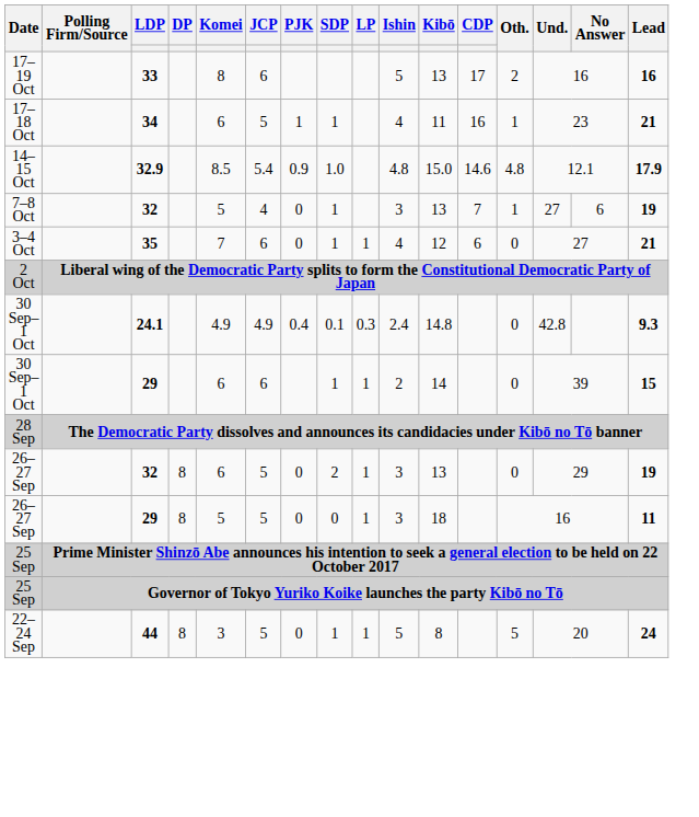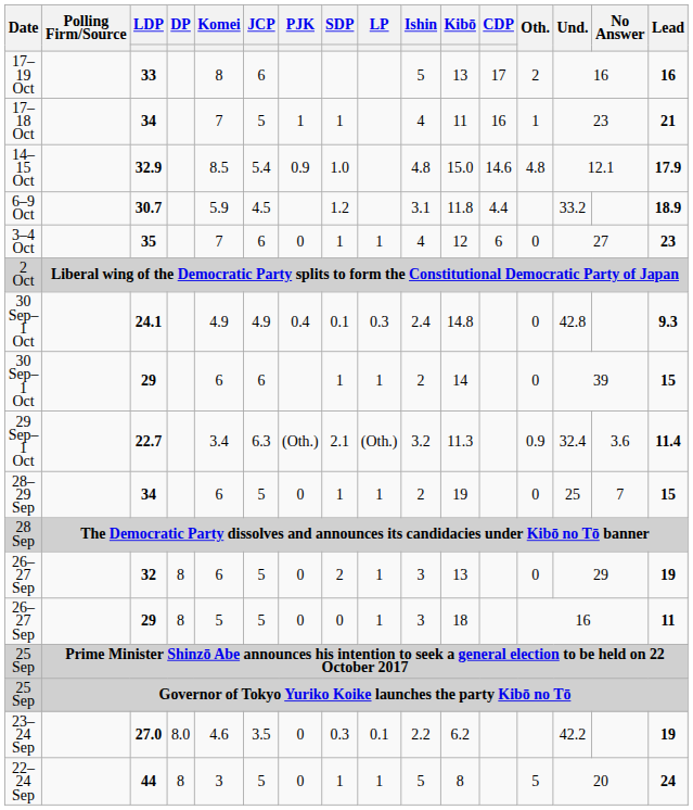 <table class="wikitable collapsible collapsed" style="text-align:center;font-size:100%;line-height:14px">
 <tr style="height:42px;">
 <th style="width:100px;" rowspan="2">Date</th>
 <th style="width:160px;" rowspan="2">Polling Firm/Source</th>
 <th style="width:40px;"><a href='#'>LDP</a></th>
 <th style="width:40px;"><a href='#'>DP</a></th>
 <th style="width:40px;"><a href='#'>Komei</a></th>
 <th style="width:40px;"><a href='#'>JCP</a></th>
 <th style="width:40px;"><a href='#'>PJK</a></th>
 <th style="width:40px;"><a href='#'>SDP</a></th>
 <th style="width:40px;"><a href='#'>LP</a></th>
 <th style="width:40px;"><a href='#'>Ishin</a></th>
 <th style="width:40px;"><a href='#'>Kibō</a></th>
 <th style="width:40px;"><a href='#'>CDP</a></th>
 <th style="width:40px;" rowspan="2">Oth.</th>
 <th style="width:40px;" rowspan="2">Und.</th>
 <th style="width:40px;" rowspan="2">No<br>Answer</th>
 <th style="width:40px;" rowspan="2">Lead</th>
 </tr>
 <tr>
 <th style="color:inherit;background:"></th>
 <th style="color:inherit;background:"></th>
 <th style="color:inherit;background:"></th>
 <th style="color:inherit;background:"></th>
 <th style="color:inherit;background:"></th>
 <th style="color:inherit;background:"></th>
 <th style="color:inherit;background:"></th>
 <th style="color:inherit;background:"></th>
 <th style="color:inherit;background:"></th>
 <th style="color:inherit;background:"></th>
 </tr>
 <tr>
 <td>17–19 Oct</td>
 <td></td>
 <td><strong>33</strong></td>
 <td></td>
 <td>8</td>
 <td>6</td>
 <td></td>
 <td></td>
 <td></td>
 <td>5</td>
 <td>13</td>
 <td>17</td>
 <td>2</td>
 <td colspan=2>16</td>
 <td style="background:"><strong>16</strong></td>
 </tr>
 <tr>
 <td>17–18 Oct</td>
 <td></td>
 <td><strong>34</strong></td>
 <td></td>
-<td>6</td>
+<td>7</td>
 <td>5</td>
 <td>1</td>
 <td>1</td>
 <td></td>
 <td>4</td>
 <td>11</td>
 <td>16</td>
 <td>1</td>
 <td colspan=2>23</td>
 <td style="background:"><strong>21</strong></td>
 </tr>
 <tr>
 <td>14–15 Oct</td>
 <td></td>
 <td><strong>32.9</strong></td>
 <td></td>
 <td>8.5</td>
 <td>5.4</td>
 <td>0.9</td>
 <td>1.0</td>
 <td></td>
 <td>4.8</td>
 <td>15.0</td>
 <td>14.6</td>
 <td>4.8</td>
 <td colspan=2>12.1</td>
 <td style="background:"><strong>17.9</strong></td>
 </tr>
 <tr>
-<td>7–8 Oct</td>
+<td>6–9 Oct</td>
+<td> </td>
+<td><strong>30.7</strong></td>
 <td></td>
-<td><strong>32</strong></td>
+<td>5.9</td>
+<td>4.5</td>
 <td></td>
-<td>5</td>
-<td>4</td>
-<td>0</td>
-<td>1</td>
+<td>1.2</td>
 <td></td>
-<td>3</td>
-<td>13</td>
-<td>7</td>
-<td>1</td>
-<td>27</td>
-<td>6</td>
-<td style="background:"><strong>19</strong></td>
+<td>3.1</td>
+<td>11.8</td>
+<td>4.4</td>
+<td></td>
+<td>33.2</td>
+<td></td>
+<td style="background:"><strong>18.9</strong></td>
 </tr>
 <tr>
 <td>3–4 Oct</td>
 <td></td>
 <td><strong>35</strong></td>
 <td></td>
 <td>7</td>
 <td>6</td>
 <td>0</td>
 <td>1</td>
 <td>1</td>
 <td>4</td>
 <td>12</td>
 <td>6</td>
 <td>0</td>
 <td colspan=2>27</td>
-<td style="background:"><strong>21</strong></td>
+<td style="background:"><strong>23</strong></td>
 </tr>
 <tr style="background:#D0D0D0; color:black">
 <td>2 Oct</td>
 <td colspan="15"><strong>Liberal wing of the <a href='#'>Democratic Party</a> splits to form the <a href='#'>Constitutional Democratic Party of Japan</a></strong></td>
 </tr>
 <tr>
 <td>30 Sep–1 Oct</td>
 <td></td>
 <td><strong>24.1</strong></td>
 <td></td>
 <td>4.9</td>
 <td>4.9</td>
 <td>0.4</td>
 <td>0.1</td>
 <td>0.3</td>
 <td>2.4</td>
 <td>14.8</td>
 <td></td>
 <td>0</td>
 <td>42.8</td>
 <td></td>
 <td style="background:"><strong>9.3</strong></td>
 </tr>
 <tr>
 <td>30 Sep–1 Oct</td>
 <td> </td>
 <td><strong>29</strong></td>
 <td></td>
 <td>6</td>
 <td>6</td>
 <td></td>
 <td>1</td>
 <td>1</td>
 <td>2</td>
 <td>14</td>
 <td></td>
 <td>0</td>
 <td colspan=2>39</td>
+<td style="background:"><strong>15</strong></td>
+</tr>
+<tr>
+<td>29 Sep–1 Oct</td>
+<td></td>
+<td><strong>22.7</strong></td>
+<td></td>
+<td>3.4</td>
+<td>6.3</td>
+<td>(Oth.)</td>
+<td>2.1</td>
+<td>(Oth.)</td>
+<td>3.2</td>
+<td>11.3</td>
+<td></td>
+<td>0.9</td>
+<td>32.4</td>
+<td>3.6</td>
+<td style="background:"><strong>11.4</strong></td>
+</tr>
+<tr>
+<td>28–29 Sep</td>
+<td></td>
+<td><strong>34</strong></td>
+<td></td>
+<td>6</td>
+<td>5</td>
+<td>0</td>
+<td>1</td>
+<td>1</td>
+<td>2</td>
+<td>19</td>
+<td></td>
+<td>0</td>
+<td>25</td>
+<td>7</td>
 <td style="background:"><strong>15</strong></td>
 </tr>
 <tr style="background:#D0D0D0; color:black">
 <td>28 Sep</td>
 <td colspan="15"><strong>The <a href='#'>Democratic Party</a> dissolves and announces its candidacies under <a href='#'>Kibō no Tō</a> banner</strong></td>
 </tr>
 <tr>
 <td>26–27 Sep</td>
 <td></td>
 <td><strong>32</strong></td>
 <td>8</td>
 <td>6</td>
 <td>5</td>
 <td>0</td>
 <td>2</td>
 <td>1</td>
 <td>3</td>
 <td>13</td>
 <td></td>
 <td>0</td>
 <td colspan=2>29</td>
 <td style="background:"><strong>19</strong></td>
 </tr>
 <tr>
 <td>26–27 Sep</td>
 <td> </td>
 <td><strong>29</strong></td>
 <td>8</td>
 <td>5</td>
 <td>5</td>
 <td>0</td>
 <td>0</td>
 <td>1</td>
 <td>3</td>
 <td>18</td>
 <td></td>
 <td colspan=3>16</td>
 <td style="background:"><strong>11</strong></td>
 </tr>
 <tr style="background:#D0D0D0; color:black">
 <td>25 Sep</td>
 <td colspan="15"><strong>Prime Minister <a href='#'>Shinzō Abe</a></strong> <strong>announces his intention to seek a <a href='#'>general election</a> to be held on 22 October 2017</strong></td>
 </tr>
 <tr style="background:#D0D0D0; color:black">
 <td>25 Sep</td>
 <td colspan="15"><strong>Governor of Tokyo <a href='#'>Yuriko Koike</a> launches the party <a href='#'>Kibō no Tō</a></strong></td>
 </tr>
 <tr>
+<td>23–24 Sep</td>
+<td></td>
+<td><strong>27.0</strong></td>
+<td>8.0</td>
+<td>4.6</td>
+<td>3.5</td>
+<td>0</td>
+<td>0.3</td>
+<td>0.1</td>
+<td>2.2</td>
+<td>6.2</td>
+<td></td>
+<td></td>
+<td>42.2</td>
+<td></td>
+<td style="background:"><strong>19</strong></td>
+</tr>
+<tr>
 <td>22–24 Sep</td>
 <td></td>
 <td><strong>44</strong></td>
 <td>8</td>
 <td>3</td>
 <td>5</td>
 <td>0</td>
 <td>1</td>
 <td>1</td>
 <td>5</td>
 <td>8</td>
 <td></td>
 <td>5</td>
 <td colspan=2>20</td>
 <td style="background:"><strong>24</strong></td>
 </tr>
 </table>
